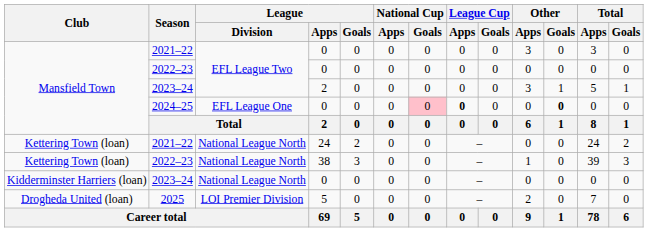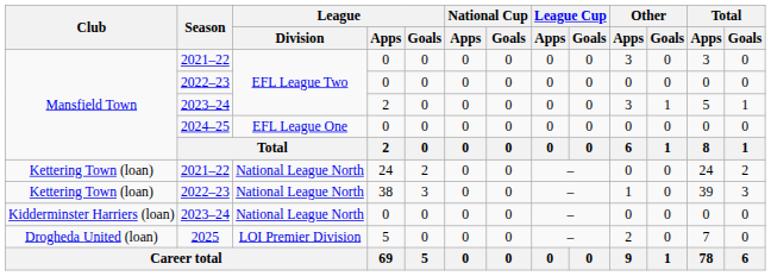 <table class="wikitable" style="text-align:center;">
 <tr>
 <th rowspan="2">Club</th>
 <th rowspan="2">Season</th>
 <th colspan="3">League</th>
 <th colspan="2">National Cup</th>
 <th colspan="2"><a href='#'>League Cup</a></th>
 <th colspan="2">Other</th>
 <th colspan="2">Total</th>
 </tr>
 <tr>
 <th>Division</th>
 <th>Apps</th>
 <th>Goals</th>
 <th>Apps</th>
 <th>Goals</th>
 <th>Apps</th>
 <th>Goals</th>
 <th>Apps</th>
 <th>Goals</th>
 <th>Apps</th>
 <th>Goals</th>
 </tr>
 <tr>
 <td rowspan="5"><a href='#'>Mansfield Town</a></td>
 <td><a href='#'>2021–22</a></td>
 <td rowspan="3"><a href='#'>EFL League Two</a></td>
 <td>0</td>
 <td>0</td>
 <td>0</td>
 <td>0</td>
 <td>0</td>
 <td>0</td>
 <td>3</td>
 <td>0</td>
 <td>3</td>
 <td>0</td>
 </tr>
 <tr>
 <td><a href='#'>2022–23</a></td>
 <td>0</td>
 <td>0</td>
 <td>0</td>
 <td>0</td>
 <td>0</td>
 <td>0</td>
 <td>0</td>
 <td>0</td>
 <td>0</td>
 <td>0</td>
 </tr>
 <tr>
 <td><a href='#'>2023–24</a></td>
 <td>2</td>
 <td>0</td>
 <td>0</td>
 <td>0</td>
 <td>0</td>
 <td>0</td>
 <td>3</td>
 <td>1</td>
 <td>5</td>
 <td>1</td>
 </tr>
 <tr>
 <td><a href='#'>2024–25</a></td>
 <td><a href='#'>EFL League One</a></td>
 <td>0</td>
 <td>0</td>
 <td>0</td>
-<td style="background: pink;">0</td>
-<td><strong>0</strong></td>
 <td>0</td>
 <td>0</td>
-<td><strong>0</strong></td>
+<td>0</td>
+<td>0</td>
+<td>0</td>
 <td>0</td>
 <td>0</td>
 </tr>
 <tr>
 <th colspan="2">Total</th>
 <th>2</th>
 <th>0</th>
 <th>0</th>
 <th>0</th>
 <th>0</th>
 <th>0</th>
 <th>6</th>
 <th>1</th>
 <th>8</th>
 <th>1</th>
 </tr>
 <tr>
 <td><a href='#'>Kettering Town</a> (loan)</td>
 <td><a href='#'>2021–22</a></td>
 <td><a href='#'>National League North</a></td>
 <td>24</td>
 <td>2</td>
 <td>0</td>
 <td>0</td>
 <td colspan="2">–</td>
 <td>0</td>
 <td>0</td>
 <td>24</td>
 <td>2</td>
 </tr>
 <tr>
 <td><a href='#'>Kettering Town</a> (loan)</td>
 <td><a href='#'>2022–23</a></td>
 <td><a href='#'>National League North</a></td>
 <td>38</td>
 <td>3</td>
 <td>0</td>
 <td>0</td>
 <td colspan="2">–</td>
 <td>1</td>
 <td>0</td>
 <td>39</td>
 <td>3</td>
 </tr>
 <tr>
 <td><a href='#'>Kidderminster Harriers</a> (loan)</td>
 <td><a href='#'>2023–24</a></td>
 <td><a href='#'>National League North</a></td>
 <td>0</td>
 <td>0</td>
 <td>0</td>
 <td>0</td>
 <td colspan="2">–</td>
 <td>0</td>
 <td>0</td>
 <td>0</td>
 <td>0</td>
 </tr>
 <tr>
 <td><a href='#'>Drogheda United</a> (loan)</td>
 <td><a href='#'>2025</a></td>
 <td><a href='#'>LOI Premier Division</a></td>
 <td>5</td>
 <td>0</td>
 <td>0</td>
 <td>0</td>
 <td colspan="2">–</td>
 <td>2</td>
 <td>0</td>
 <td>7</td>
 <td>0</td>
 </tr>
 <tr>
 <th colspan="3">Career total</th>
 <th>69</th>
 <th>5</th>
 <th>0</th>
 <th>0</th>
 <th>0</th>
 <th>0</th>
 <th>9</th>
 <th>1</th>
 <th>78</th>
 <th>6</th>
 </tr>
 </table>
